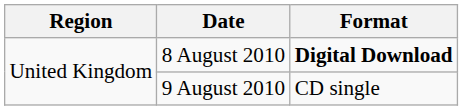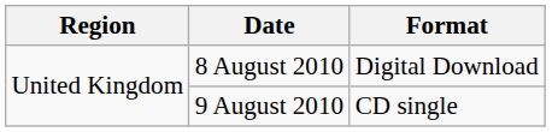 <table class=wikitable>
 <tr>
 <th>Region</th>
 <th>Date</th>
 <th>Format</th>
 </tr>
 <tr>
 <td style="text-align:center;" rowspan="2">United Kingdom</td>
 <td>8 August 2010</td>
-<td><strong>Digital Download</strong></td>
+<td>Digital Download</td>
 </tr>
 <tr>
 <td>9 August 2010</td>
 <td>CD single</td>
 </tr>
 </table>
